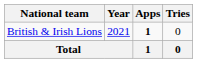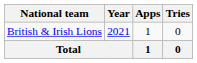 <table class=wikitable style="text-align:center">
 <tr>
 <th>National team</th>
 <th>Year</th>
 <th>Apps</th>
 <th>Tries</th>
 </tr>
 <tr>
 <td rowspan="1"><a href='#'>British & Irish Lions</a></td>
 <td><a href='#'>2021</a></td>
-<td><strong>1</strong></td>
+<td>1</td>
 <td>0</td>
 </tr>
 <tr>
 <th colspan="2">Total</th>
 <th>1</th>
 <th>0</th>
 </tr>
 </table>
